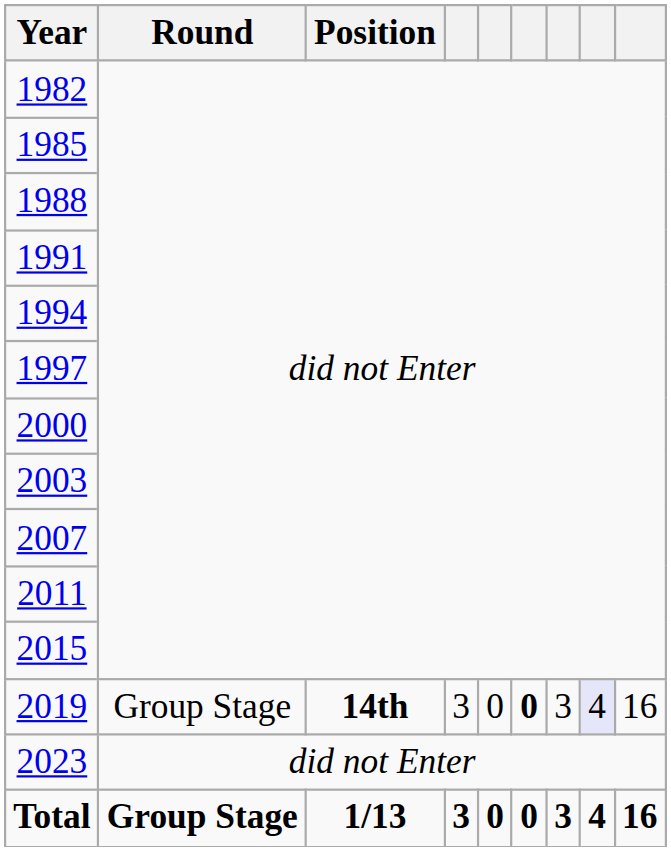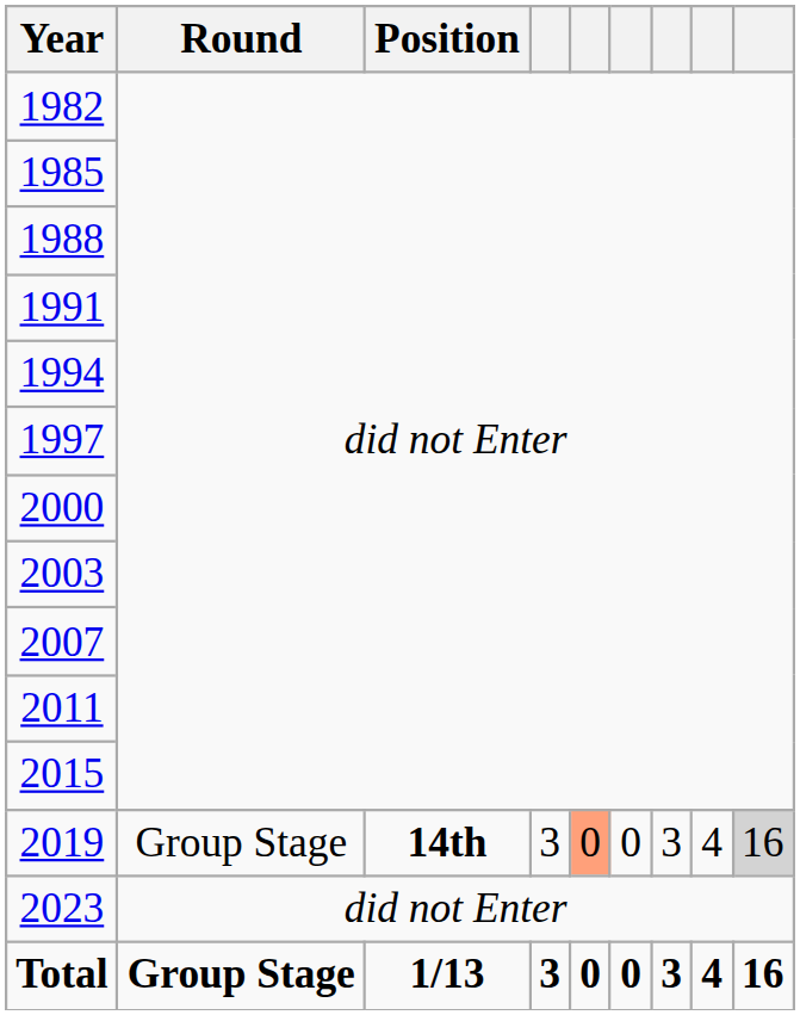 <table class="wikitable" style="text-align: center;">
 <tr>
 <th>Year</th>
 <th>Round</th>
 <th>Position</th>
 <th></th>
 <th></th>
 <th></th>
 <th></th>
 <th></th>
 <th></th>
 </tr>
 <tr>
 <td> <a href='#'>1982</a></td>
 <td rowspan=11 colspan="8"><em>did not Enter</em></td>
 </tr>
 <tr>
 <td> <a href='#'>1985</a></td>
 </tr>
 <tr>
 <td> <a href='#'>1988</a></td>
 </tr>
 <tr>
 <td> <a href='#'>1991</a></td>
 </tr>
 <tr>
 <td> <a href='#'>1994</a></td>
 </tr>
 <tr>
 <td> <a href='#'>1997</a></td>
 </tr>
 <tr>
 <td> <a href='#'>2000</a></td>
 </tr>
 <tr>
 <td> <a href='#'>2003</a></td>
 </tr>
 <tr>
 <td> <a href='#'>2007</a></td>
 </tr>
 <tr>
 <td> <a href='#'>2011</a></td>
 </tr>
 <tr>
 <td> <a href='#'>2015</a></td>
 </tr>
 <tr>
 <td> <a href='#'>2019</a></td>
 <td>Group Stage</td>
 <td><strong>14th</strong></td>
 <td>3</td>
+<td style="background: lightsalmon;">0</td>
 <td>0</td>
-<td><strong>0</strong></td>
 <td>3</td>
-<td style="background: lavender;">4</td>
-<td>16</td>
+<td>4</td>
+<td style="background: lightgrey;">16</td>
 </tr>
 <tr>
 <td> <a href='#'>2023</a></td>
 <td rowspan=1 colspan="11"><em>did not Enter</em></td>
 </tr>
 <tr>
 <td><strong>Total</strong></td>
 <td><strong>Group Stage</strong></td>
 <td><strong>1/13</strong></td>
 <td><strong>3</strong></td>
 <td><strong>0</strong></td>
 <td><strong>0</strong></td>
 <td><strong>3</strong></td>
 <td><strong>4</strong></td>
 <td><strong>16</strong></td>
 </tr>
 </table>
